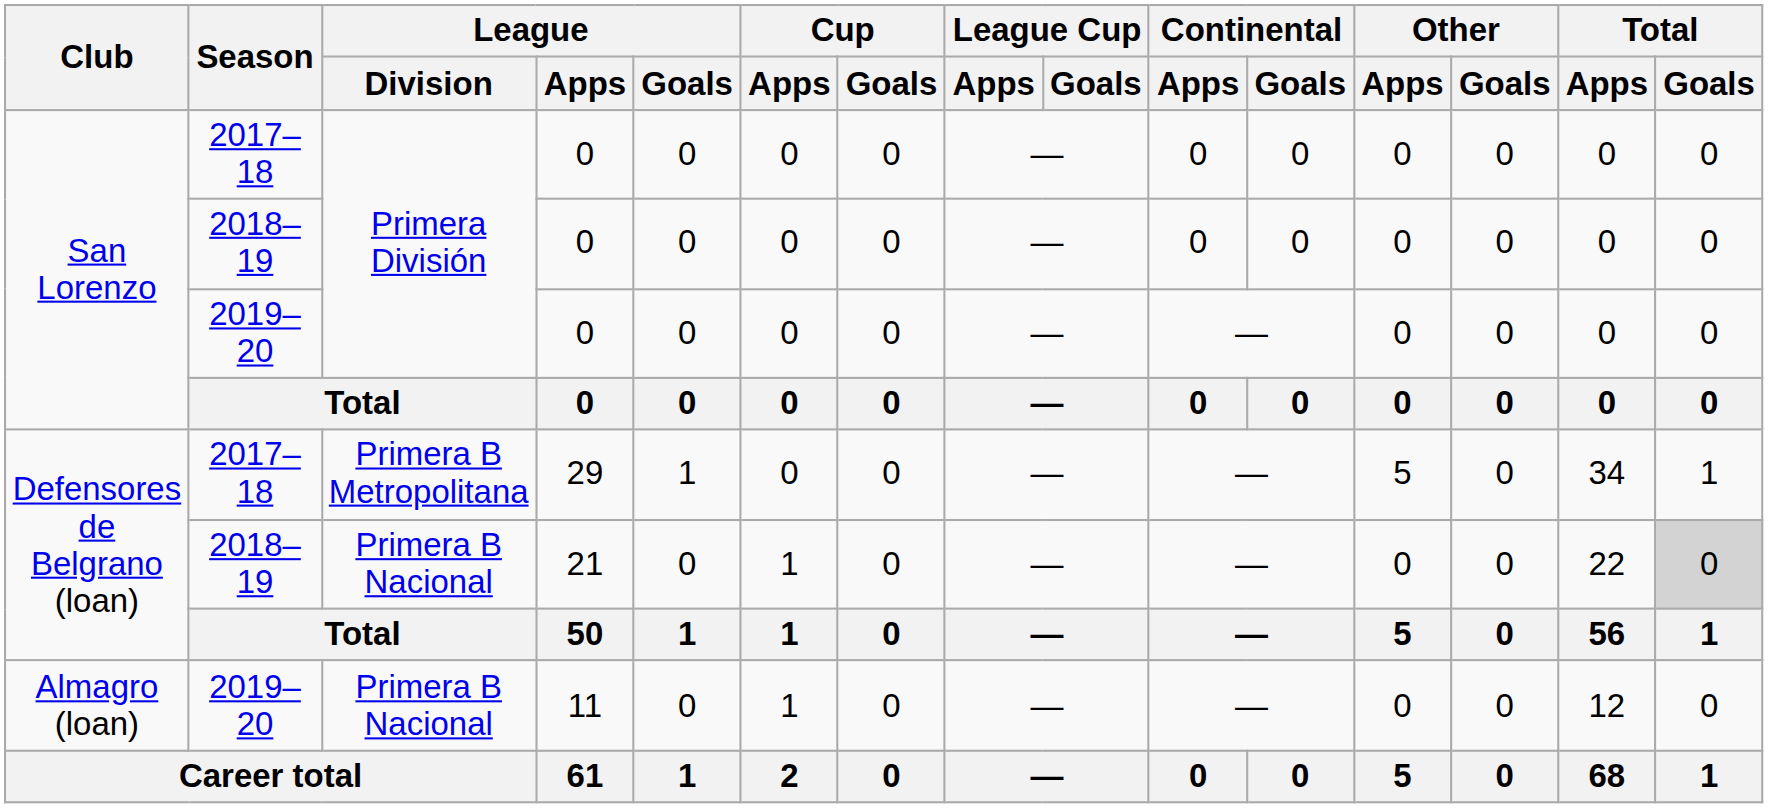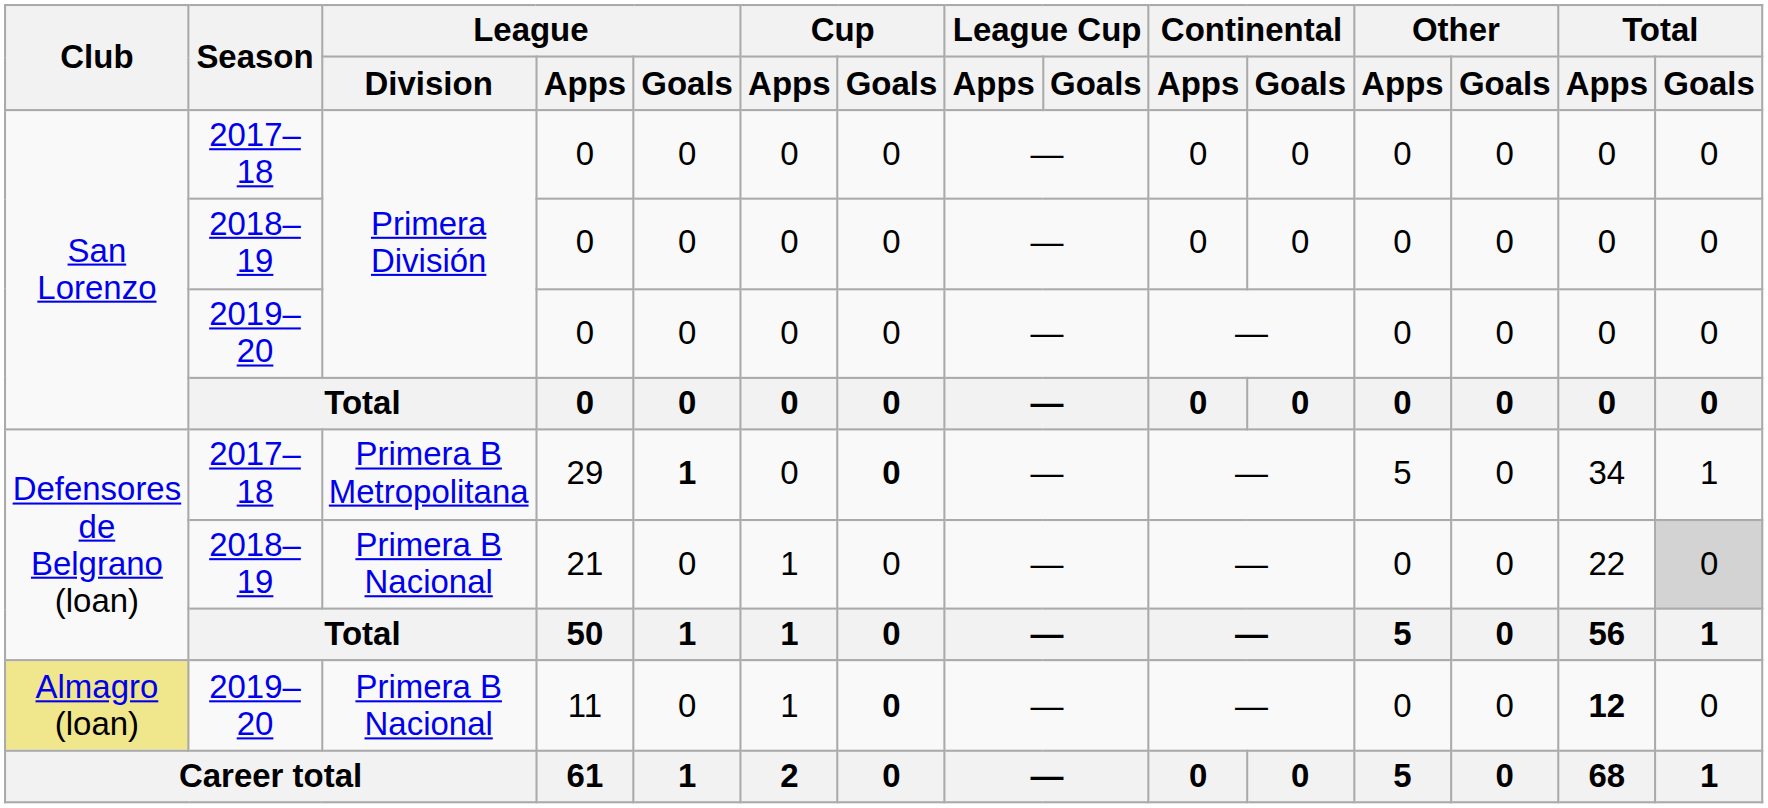 <table class="wikitable" style="text-align:center">
 <tr>
 <th rowspan="2">Club</th>
 <th rowspan="2">Season</th>
 <th colspan="3">League</th>
 <th colspan="2">Cup</th>
 <th colspan="2">League Cup</th>
 <th colspan="2">Continental</th>
 <th colspan="2">Other</th>
 <th colspan="2">Total</th>
 </tr>
 <tr>
 <th>Division</th>
 <th>Apps</th>
 <th>Goals</th>
 <th>Apps</th>
 <th>Goals</th>
 <th>Apps</th>
 <th>Goals</th>
 <th>Apps</th>
 <th>Goals</th>
 <th>Apps</th>
 <th>Goals</th>
 <th>Apps</th>
 <th>Goals</th>
 </tr>
 <tr>
 <td rowspan="4"><a href='#'>San Lorenzo</a></td>
 <td><a href='#'>2017–18</a></td>
 <td rowspan="3"><a href='#'>Primera División</a></td>
 <td>0</td>
 <td>0</td>
 <td>0</td>
 <td>0</td>
 <td colspan="2">—</td>
 <td>0</td>
 <td>0</td>
 <td>0</td>
 <td>0</td>
 <td>0</td>
 <td>0</td>
 </tr>
 <tr>
 <td><a href='#'>2018–19</a></td>
 <td>0</td>
 <td>0</td>
 <td>0</td>
 <td>0</td>
 <td colspan="2">—</td>
 <td>0</td>
 <td>0</td>
 <td>0</td>
 <td>0</td>
 <td>0</td>
 <td>0</td>
 </tr>
 <tr>
 <td><a href='#'>2019–20</a></td>
 <td>0</td>
 <td>0</td>
 <td>0</td>
 <td>0</td>
 <td colspan="2">—</td>
 <td colspan="2">—</td>
 <td>0</td>
 <td>0</td>
 <td>0</td>
 <td>0</td>
 </tr>
 <tr>
 <th colspan="2">Total</th>
 <th>0</th>
 <th>0</th>
 <th>0</th>
 <th>0</th>
 <th colspan="2">—</th>
 <th>0</th>
 <th>0</th>
 <th>0</th>
 <th>0</th>
 <th>0</th>
 <th>0</th>
 </tr>
 <tr>
 <td rowspan="3"><a href='#'>Defensores de Belgrano</a> (loan)</td>
 <td><a href='#'>2017–18</a></td>
 <td rowspan="1"><a href='#'>Primera B Metropolitana</a></td>
 <td>29</td>
-<td>1</td>
+<td><strong>1</strong></td>
 <td>0</td>
-<td>0</td>
+<td><strong>0</strong></td>
 <td colspan="2">—</td>
 <td colspan="2">—</td>
 <td>5</td>
 <td>0</td>
 <td>34</td>
 <td>1</td>
 </tr>
 <tr>
 <td><a href='#'>2018–19</a></td>
 <td rowspan="1"><a href='#'>Primera B Nacional</a></td>
 <td>21</td>
 <td>0</td>
 <td>1</td>
 <td>0</td>
 <td colspan="2">—</td>
 <td colspan="2">—</td>
 <td>0</td>
 <td>0</td>
 <td>22</td>
 <td style="background: lightgrey;">0</td>
 </tr>
 <tr>
 <th colspan="2">Total</th>
 <th>50</th>
 <th>1</th>
 <th>1</th>
 <th>0</th>
 <th colspan="2">—</th>
 <th colspan="2">—</th>
 <th>5</th>
 <th>0</th>
 <th>56</th>
 <th>1</th>
 </tr>
 <tr>
-<td rowspan="1"><a href='#'>Almagro</a> (loan)</td>
+<td rowspan="1" style="background: khaki;"><a href='#'>Almagro</a> (loan)</td>
 <td><a href='#'>2019–20</a></td>
 <td rowspan="1"><a href='#'>Primera B Nacional</a></td>
 <td>11</td>
 <td>0</td>
 <td>1</td>
-<td>0</td>
+<td><strong>0</strong></td>
 <td colspan="2">—</td>
 <td colspan="2">—</td>
 <td>0</td>
 <td>0</td>
-<td>12</td>
+<td><strong>12</strong></td>
 <td>0</td>
 </tr>
 <tr>
 <th colspan="3">Career total</th>
 <th>61</th>
 <th>1</th>
 <th>2</th>
 <th>0</th>
 <th colspan="2">—</th>
 <th>0</th>
 <th>0</th>
 <th>5</th>
 <th>0</th>
 <th>68</th>
 <th>1</th>
 </tr>
 </table>
